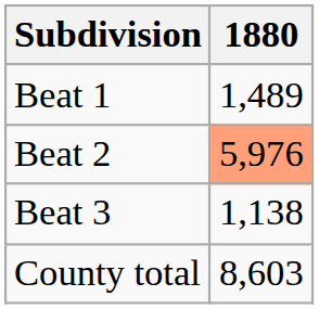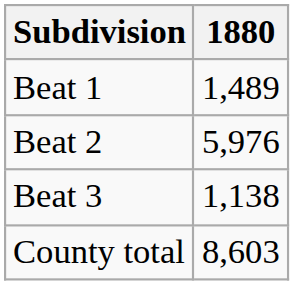 <table class="wikitable sortable col2right">
 <tr>
 <th>Subdivision</th>
 <th>1880<br></th>
 </tr>
 <tr>
 <td>Beat 1</td>
 <td>1,489</td>
 </tr>
 <tr>
 <td>Beat 2</td>
-<td style="background: lightsalmon;">5,976</td>
+<td>5,976</td>
 </tr>
 <tr>
 <td>Beat 3</td>
 <td>1,138</td>
 </tr>
 <tr>
 <td>County total</td>
 <td>8,603</td>
 </tr>
 </table>
